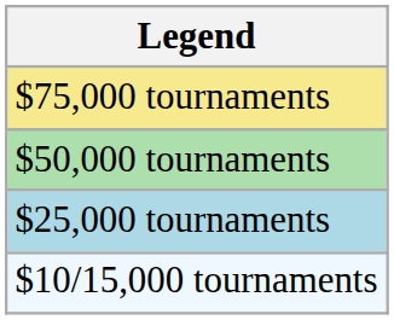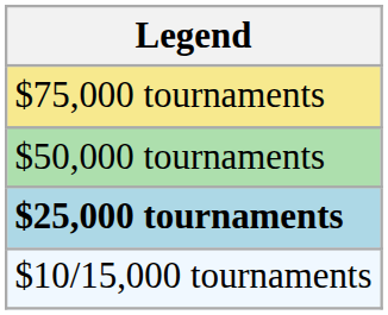 <table class=wikitable style="font-size:85%">
 <tr>
 <th>Legend</th>
 </tr>
 <tr style="background:#f7e98e;">
 <td>$75,000 tournaments</td>
 </tr>
 <tr style="background:#addfad;">
 <td>$50,000 tournaments</td>
 </tr>
 <tr style="background:lightblue;">
-<td>$25,000 tournaments</td>
+<td><strong>$25,000 tournaments</strong></td>
 </tr>
 <tr style="background:#f0f8ff;">
 <td>$10/15,000 tournaments</td>
 </tr>
 </table>
